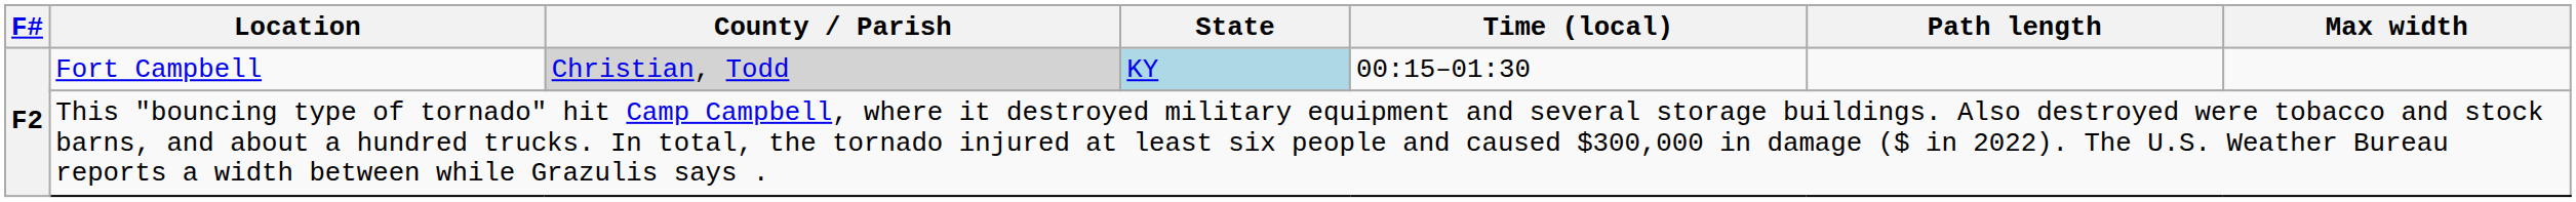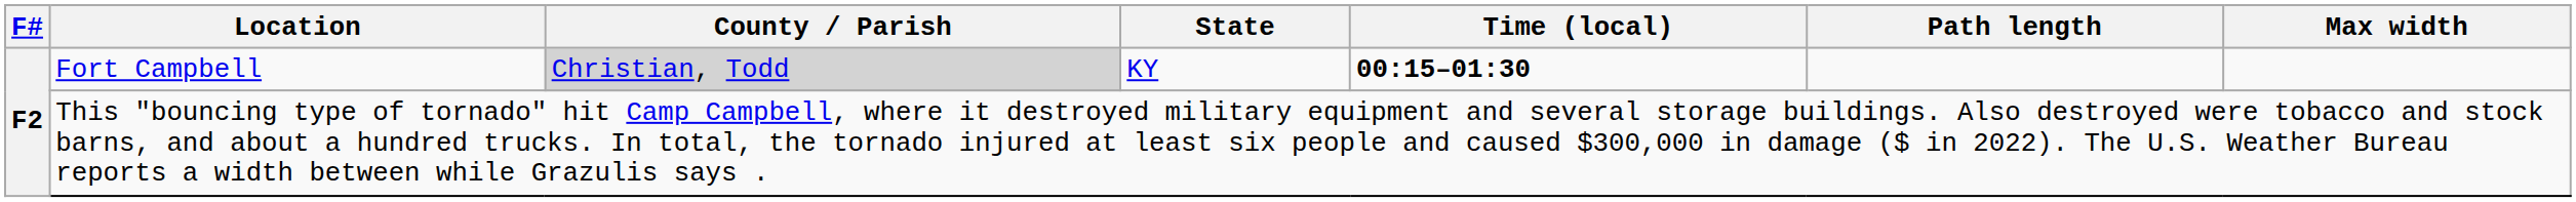 <table class="wikitable sortable" style="width:100%;">
 <tr>
 <th scope="col" align="center"><a href='#'>F#</a><br></th>
 <th scope="col" align="center" class="unsortable">Location</th>
 <th scope="col" align="center" class="unsortable">County / Parish</th>
 <th scope="col" align="center">State</th>
 <th scope="col" align="center">Time (local)</th>
 <th scope="col" align="center">Path length</th>
 <th scope="col" align="center">Max width</th>
 </tr>
 <tr>
 <th scope="row" rowspan="2" style="background-color:#">F2</th>
 <td><a href='#'>Fort Campbell</a></td>
 <td style="background: lightgrey;"><a href='#'>Christian</a>, <a href='#'>Todd</a></td>
-<td style="background: lightblue;"><a href='#'>KY</a></td>
-<td>00:15–01:30</td>
+<td><a href='#'>KY</a></td>
+<td><strong>00:15–01:30</strong></td>
 <td></td>
 <td></td>
 </tr>
 <tr class="expand-child">
 <td colspan="6" style="border-bottom: 1px solid black;">This "bouncing type of tornado" hit <a href='#'>Camp Campbell</a>, where it destroyed military equipment and several storage buildings. Also destroyed were tobacco and stock barns, and about a hundred trucks. In total, the tornado injured at least six people and caused $300,000 in damage ($ in 2022). The U.S. Weather Bureau reports a width between  while Grazulis says .</td>
 </tr>
 </table>
